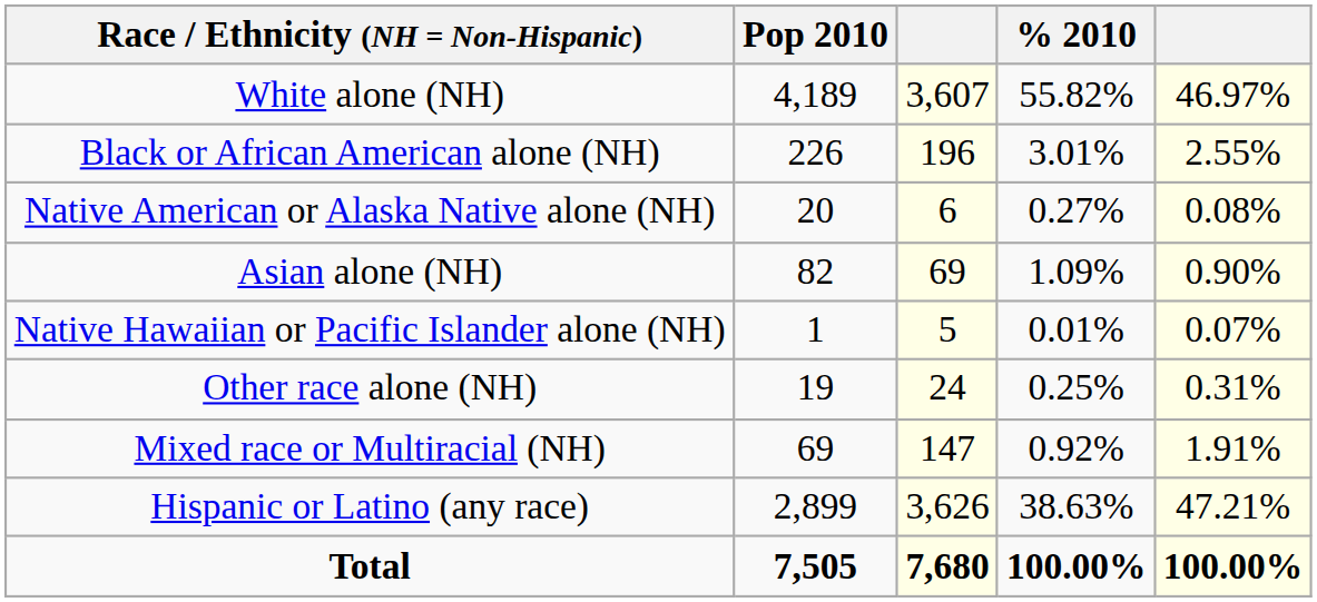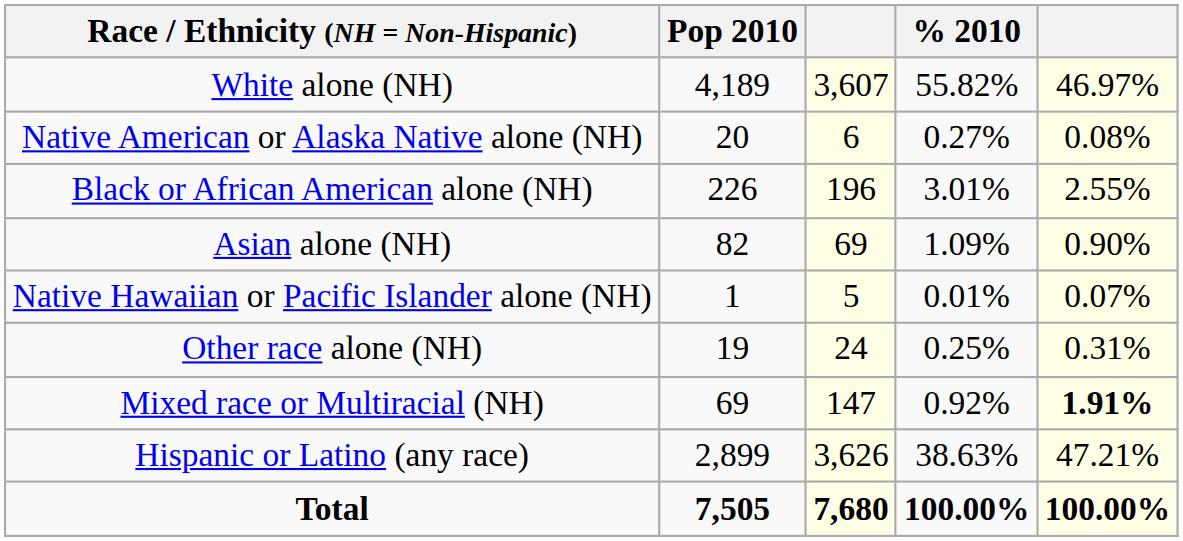 <table class="wikitable" style="text-align:center;">
 <tr>
 <th>Race / Ethnicity <small>(<em>NH = Non-Hispanic</em>)</small></th>
 <th>Pop 2010</th>
 <th></th>
 <th>% 2010</th>
 <th></th>
 </tr>
 <tr>
 <td><a href='#'>White</a> alone (NH)</td>
 <td>4,189</td>
 <td style='background: #ffffe6;'>3,607</td>
 <td>55.82%</td>
 <td style='background: #ffffe6;'>46.97%</td>
 </tr>
 <tr>
+<td><a href='#'>Native American</a> or <a href='#'>Alaska Native</a> alone (NH)</td>
+<td>20</td>
+<td style='background: #ffffe6;'>6</td>
+<td>0.27%</td>
+<td style='background: #ffffe6;'>0.08%</td>
+</tr>
+<tr>
 <td><a href='#'>Black or African American</a> alone (NH)</td>
 <td>226</td>
 <td style='background: #ffffe6;'>196</td>
 <td>3.01%</td>
 <td style='background: #ffffe6;'>2.55%</td>
-</tr>
-<tr>
-<td><a href='#'>Native American</a> or <a href='#'>Alaska Native</a> alone (NH)</td>
-<td>20</td>
-<td style='background: #ffffe6;'>6</td>
-<td>0.27%</td>
-<td style='background: #ffffe6;'>0.08%</td>
 </tr>
 <tr>
 <td><a href='#'>Asian</a> alone (NH)</td>
 <td>82</td>
 <td style='background: #ffffe6;'>69</td>
 <td>1.09%</td>
 <td style='background: #ffffe6;'>0.90%</td>
 </tr>
 <tr>
 <td><a href='#'>Native Hawaiian</a> or <a href='#'>Pacific Islander</a> alone (NH)</td>
 <td>1</td>
 <td style='background: #ffffe6;'>5</td>
 <td>0.01%</td>
 <td style='background: #ffffe6;'>0.07%</td>
 </tr>
 <tr>
 <td><a href='#'>Other race</a> alone (NH)</td>
 <td>19</td>
 <td style='background: #ffffe6;'>24</td>
 <td>0.25%</td>
 <td style='background: #ffffe6;'>0.31%</td>
 </tr>
 <tr>
 <td><a href='#'>Mixed race or Multiracial</a> (NH)</td>
 <td>69</td>
 <td style='background: #ffffe6;'>147</td>
 <td>0.92%</td>
-<td style='background: #ffffe6;'>1.91%</td>
+<td style='background: #ffffe6;'><strong>1.91%</strong></td>
 </tr>
 <tr>
 <td><a href='#'>Hispanic or Latino</a> (any race)</td>
 <td>2,899</td>
 <td style='background: #ffffe6;'>3,626</td>
 <td>38.63%</td>
 <td style='background: #ffffe6;'>47.21%</td>
 </tr>
 <tr>
 <td><strong>Total</strong></td>
 <td><strong>7,505</strong></td>
 <td style='background: #ffffe6;'><strong>7,680</strong></td>
 <td><strong>100.00%</strong></td>
 <td style='background: #ffffe6;'><strong>100.00%</strong></td>
 </tr>
 </table>
